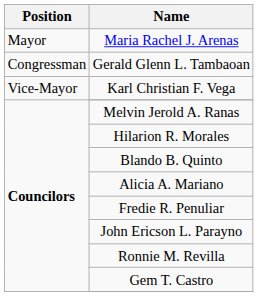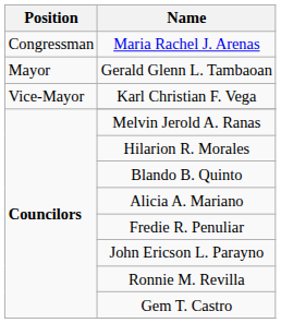 <table class="wikitable" style="line-height:1.20em; font-size:100%;">
 <tr>
 <th>Position</th>
 <th>Name</th>
 </tr>
 <tr>
-<td>Mayor</td>
+<td>Congressman</td>
 <td style="text-align:center;"><a href='#'>Maria Rachel J. Arenas</a></td>
 </tr>
 <tr>
-<td>Congressman</td>
+<td>Mayor</td>
 <td style="text-align:center;">Gerald Glenn L. Tambaoan</td>
 </tr>
 <tr>
 <td>Vice-Mayor</td>
 <td style="text-align:center;">Karl Christian F. Vega</td>
 </tr>
 <tr>
 <td rowspan=13><strong>Councilors</strong></td>
 </tr>
 <tr>
 <td style="text-align:center;">Melvin Jerold A. Ranas</td>
 </tr>
 <tr>
 <td style="text-align:center;">Hilarion R. Morales</td>
 </tr>
 <tr>
 <td style="text-align:center;">Blando B. Quinto</td>
 </tr>
 <tr>
 <td style="text-align:center;">Alicia A. Mariano</td>
 </tr>
 <tr>
 <td style="text-align:center;">Fredie R. Penuliar</td>
 </tr>
 <tr>
 <td style="text-align:center;">John Ericson L. Parayno</td>
 </tr>
 <tr>
 <td style="text-align:center;">Ronnie M. Revilla</td>
 </tr>
 <tr>
 <td style="text-align:center;">Gem T. Castro</td>
 </tr>
 <tr>
 </tr>
 </table>
